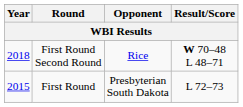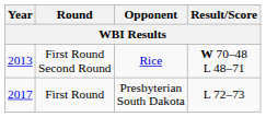 <table class="wikitable">
 <tr>
 <th>Year</th>
 <th>Round</th>
 <th>Opponent</th>
 <th>Result/Score</th>
 </tr>
 <tr>
 <th colspan=4>WBI Results</th>
 </tr>
 <tr align="center">
-<td><a href='#'>2018</a></td>
+<td><a href='#'>2013</a></td>
 <td>First Round<br>Second Round</td>
 <td><a href='#'>Rice</a></td>
 <td><strong>W</strong> 70–48<br>L 48–71</td>
 </tr>
 <tr align="center">
-<td><a href='#'>2015</a></td>
+<td><a href='#'>2017</a></td>
 <td>First Round</td>
 <td>Presbyterian<br>South Dakota</td>
 <td>L 72–73</td>
 </tr>
 </table>
